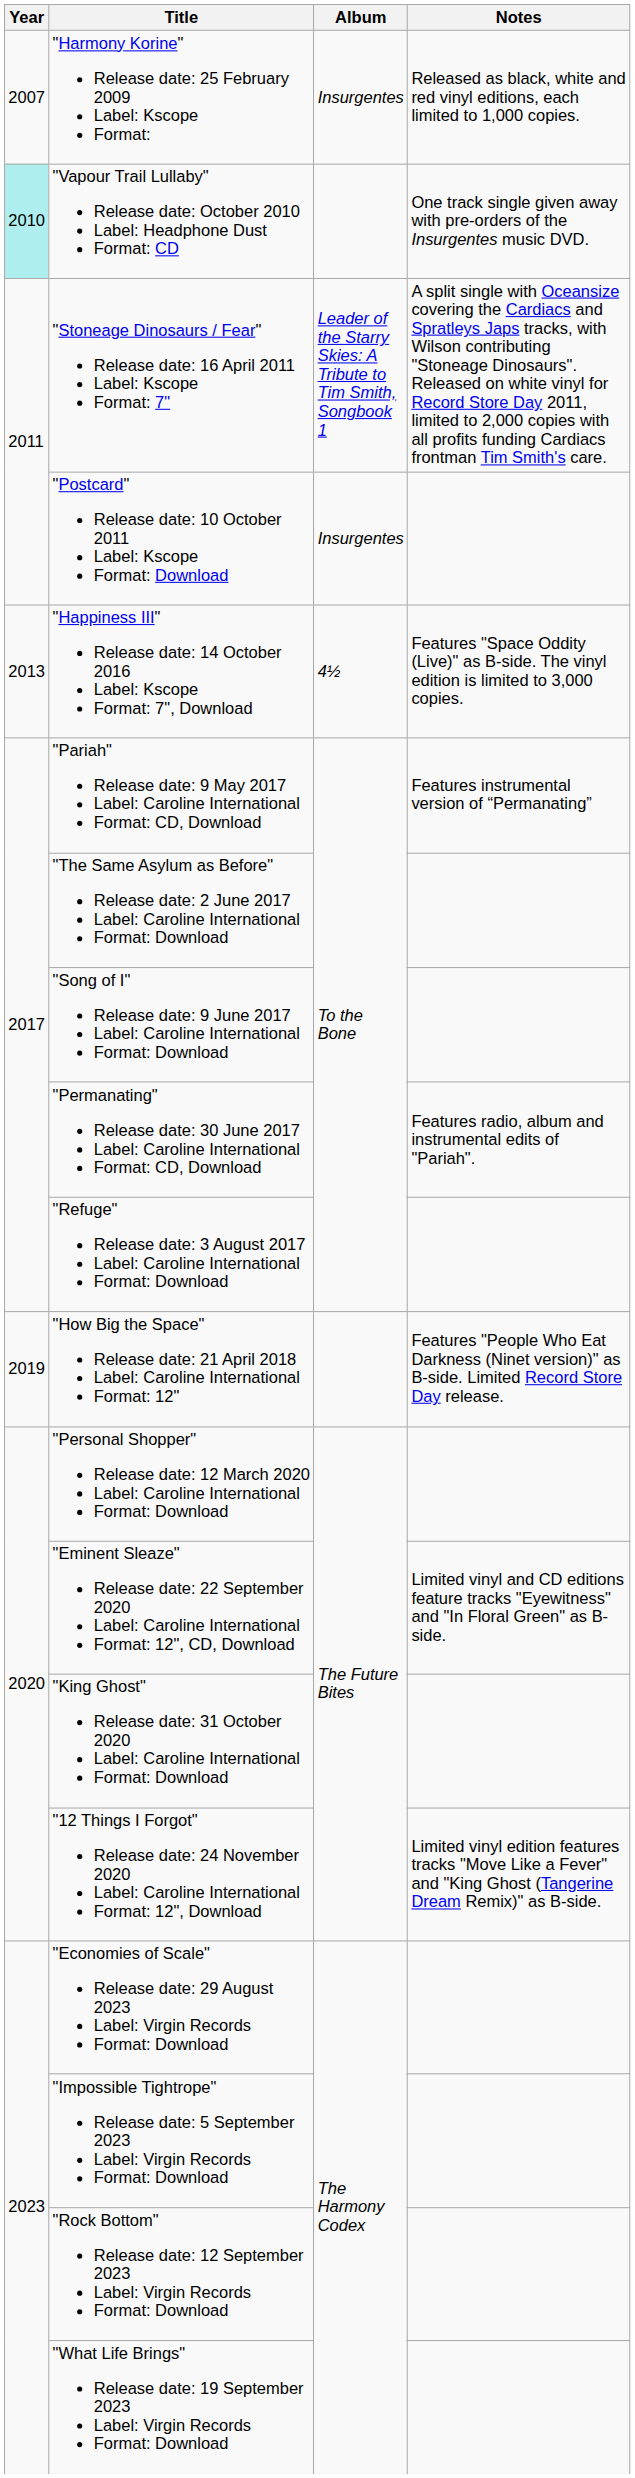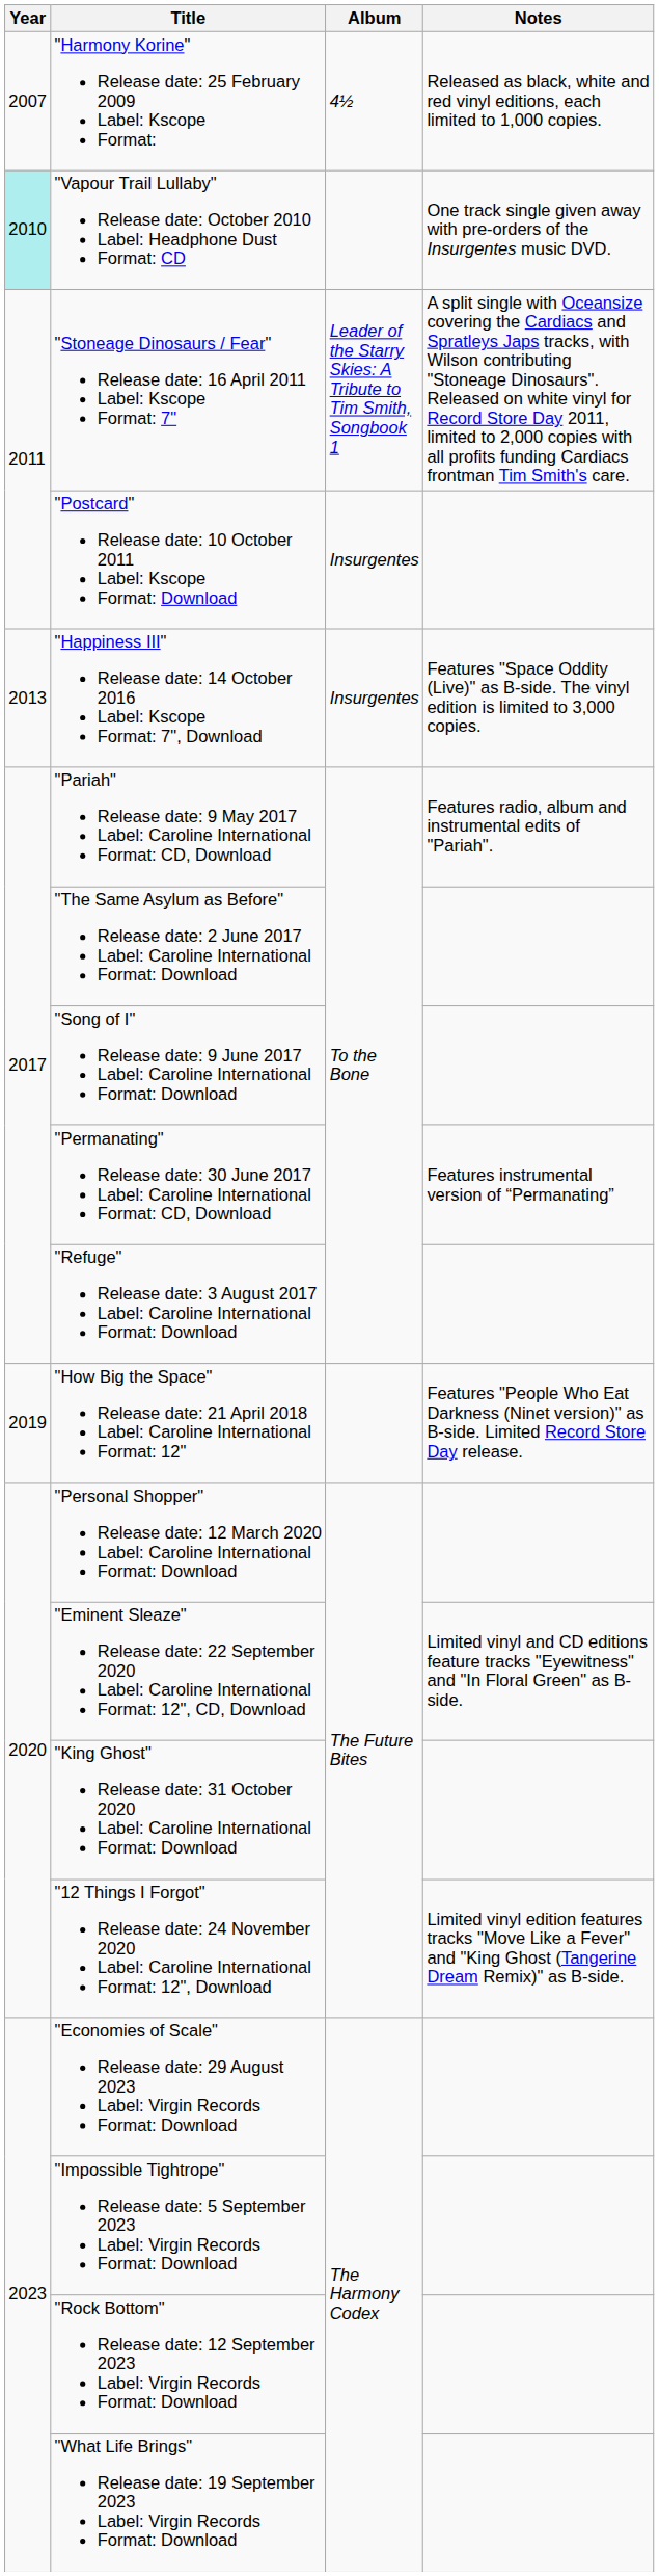 <table class="wikitable">
 <tr>
 <th>Year</th>
 <th style="width:250px;">Title</th>
 <th style="width:80px;">Album</th>
 <th>Notes</th>
 </tr>
 <tr>
 <td>2007</td>
 <td>"<a href='#'>Harmony Korine</a>"<br><ul><li>Release date: 25 February 2009</li><li>Label: Kscope</li><li>Format:</li></ul></td>
-<td><em>Insurgentes</em></td>
+<td><em>4½</em></td>
 <td>Released as black, white and red vinyl editions, each limited to 1,000 copies.</td>
 </tr>
 <tr>
 <td style="background: paleturquoise;">2010</td>
 <td>"Vapour Trail Lullaby"<br><ul><li>Release date: October 2010</li><li>Label: Headphone Dust</li><li>Format: <a href='#'>CD</a></li></ul></td>
 <td></td>
 <td>One track single given away with pre-orders of the <em>Insurgentes</em> music DVD.</td>
 </tr>
 <tr>
 <td rowspan="2">2011</td>
 <td>"<a href='#'>Stoneage Dinosaurs / Fear</a>"<br><ul><li>Release date: 16 April 2011</li><li>Label: Kscope</li><li>Format: <a href='#'>7"</a></li></ul></td>
 <td><em><a href='#'>Leader of the Starry Skies: A Tribute to Tim Smith, Songbook 1</a></em></td>
 <td>A split single with <a href='#'>Oceansize</a> covering the <a href='#'>Cardiacs</a> and <a href='#'>Spratleys Japs</a> tracks, with Wilson contributing "Stoneage Dinosaurs". Released on white vinyl for <a href='#'>Record Store Day</a> 2011, limited to 2,000 copies with all profits funding Cardiacs frontman <a href='#'>Tim Smith's</a> care.</td>
 </tr>
 <tr>
 <td>"<a href='#'>Postcard</a>"<br><ul><li>Release date: 10 October 2011</li><li>Label: Kscope</li><li>Format: <a href='#'>Download</a></li></ul></td>
 <td><em>Insurgentes</em></td>
 <td></td>
 </tr>
 <tr>
 <td>2013</td>
 <td>"<a href='#'>Happiness III</a>"<br><ul><li>Release date: 14 October 2016</li><li>Label: Kscope</li><li>Format: 7", Download</li></ul></td>
-<td><em>4½</em></td>
+<td><em>Insurgentes</em></td>
 <td>Features "Space Oddity (Live)" as B-side. The vinyl edition is limited to 3,000 copies.</td>
 </tr>
 <tr>
 <td rowspan="5">2017</td>
 <td>"Pariah"<br><ul><li>Release date: 9 May 2017</li><li>Label: Caroline International</li><li>Format: CD, Download</li></ul></td>
 <td rowspan="5"><em>To the Bone</em></td>
-<td>Features instrumental version of “Permanating”</td>
+<td>Features radio, album and instrumental edits of "Pariah".</td>
 </tr>
 <tr>
 <td>"The Same Asylum as Before"<br><ul><li>Release date: 2 June 2017</li><li>Label: Caroline International</li><li>Format: Download</li></ul></td>
 <td></td>
 </tr>
 <tr>
 <td>"Song of I"<br><ul><li>Release date: 9 June 2017</li><li>Label: Caroline International</li><li>Format: Download</li></ul></td>
 <td></td>
 </tr>
 <tr>
 <td>"Permanating"<br><ul><li>Release date: 30 June 2017</li><li>Label: Caroline International</li><li>Format: CD, Download</li></ul></td>
-<td>Features radio, album and instrumental edits of "Pariah".</td>
+<td>Features instrumental version of “Permanating”</td>
 </tr>
 <tr>
 <td>"Refuge"<br><ul><li>Release date: 3 August 2017</li><li>Label: Caroline International</li><li>Format: Download</li></ul></td>
 <td></td>
 </tr>
 <tr>
 <td>2019</td>
 <td>"How Big the Space"<br><ul><li>Release date: 21 April 2018</li><li>Label: Caroline International</li><li>Format: 12"</li></ul></td>
 <td></td>
 <td>Features "People Who Eat Darkness (Ninet version)" as B-side. Limited <a href='#'>Record Store Day</a> release.</td>
 </tr>
 <tr>
 <td rowspan="4">2020</td>
 <td>"Personal Shopper"<br><ul><li>Release date: 12 March 2020</li><li>Label: Caroline International</li><li>Format: Download</li></ul></td>
 <td rowspan="4"><em>The Future Bites</em></td>
 <td></td>
 </tr>
 <tr>
 <td>"Eminent Sleaze"<br><ul><li>Release date: 22 September 2020</li><li>Label: Caroline International</li><li>Format: 12", CD, Download</li></ul></td>
 <td>Limited vinyl and CD editions feature tracks "Eyewitness" and "In Floral Green" as B-side.</td>
 </tr>
 <tr>
 <td>"King Ghost"<br><ul><li>Release date: 31 October 2020</li><li>Label: Caroline International</li><li>Format: Download</li></ul></td>
 <td></td>
 </tr>
 <tr>
 <td>"12 Things I Forgot"<br><ul><li>Release date: 24 November 2020</li><li>Label: Caroline International</li><li>Format: 12", Download</li></ul></td>
 <td>Limited vinyl edition features tracks "Move Like a Fever" and "King Ghost (<a href='#'>Tangerine Dream</a> Remix)" as B-side.</td>
 </tr>
 <tr>
 <td rowspan="4">2023</td>
 <td>"Economies of Scale"<br><ul><li>Release date: 29 August 2023</li><li>Label: Virgin Records</li><li>Format: Download</li></ul></td>
 <td rowspan="4"><em>The Harmony Codex</em></td>
 <td></td>
 </tr>
 <tr>
 <td>"Impossible Tightrope"<br><ul><li>Release date: 5 September 2023</li><li>Label: Virgin Records</li><li>Format: Download</li></ul></td>
 <td></td>
 </tr>
 <tr>
 <td>"Rock Bottom"<br><ul><li>Release date: 12 September 2023</li><li>Label: Virgin Records</li><li>Format: Download</li></ul></td>
 <td></td>
 </tr>
 <tr>
 <td>"What Life Brings"<br><ul><li>Release date: 19 September 2023</li><li>Label: Virgin Records</li><li>Format: Download</li></ul></td>
 <td></td>
 </tr>
 </table>
